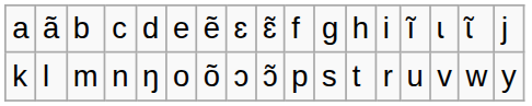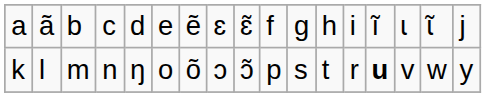 <table class="wikitable">
 <tr>
 <td>a</td>
 <td>ã</td>
 <td>b</td>
 <td>c</td>
 <td>d</td>
 <td>e</td>
 <td>ẽ</td>
 <td>ɛ</td>
 <td>ɛ̃</td>
 <td>f</td>
 <td>g</td>
 <td>h</td>
 <td>i</td>
 <td>ĩ</td>
 <td>ɩ</td>
 <td>ɩ̃</td>
 <td>j</td>
 </tr>
 <tr>
 <td>k</td>
 <td>l</td>
 <td>m</td>
 <td>n</td>
 <td>ŋ</td>
 <td>o</td>
 <td>õ</td>
 <td>ɔ</td>
 <td>ɔ̃</td>
 <td>p</td>
 <td>s</td>
 <td>t</td>
 <td>r</td>
-<td>u</td>
+<td><strong>u</strong></td>
 <td>v</td>
 <td>w</td>
 <td>y</td>
 </tr>
 </table>
